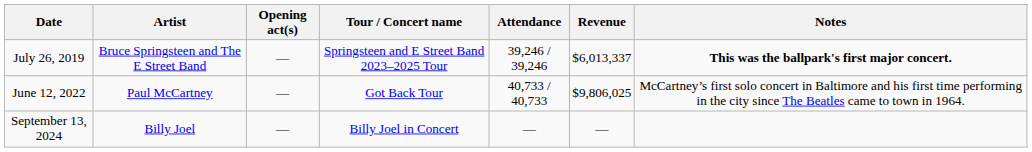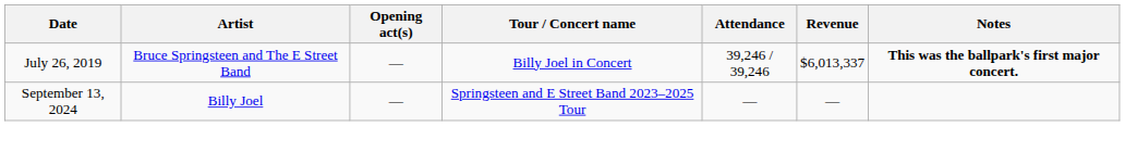 <table class="wikitable" style="text-align:center;">
 <tr>
 <th style="text-align:center;">Date</th>
 <th style="text-align:center;">Artist</th>
 <th style="text-align:center;">Opening act(s)</th>
 <th style="text-align:center;">Tour / Concert name</th>
 <th style="text-align:center;">Attendance</th>
 <th style="text-align:center;">Revenue</th>
 <th style="text-align:center;">Notes</th>
 </tr>
 <tr>
 <td>July 26, 2019</td>
 <td><a href='#'>Bruce Springsteen and The E Street Band</a></td>
 <td>—</td>
-<td><a href='#'>Springsteen and E Street Band 2023–2025 Tour</a></td>
+<td><a href='#'>Billy Joel in Concert</a></td>
 <td>39,246 / 39,246</td>
 <td>$6,013,337</td>
 <td><strong>This was the ballpark's first major concert.</strong></td>
 </tr>
 <tr>
-<td>June 12, 2022</td>
-<td><a href='#'>Paul McCartney</a></td>
-<td>—</td>
-<td><a href='#'>Got Back Tour</a></td>
-<td>40,733 / 40,733</td>
-<td>$9,806,025</td>
-<td>McCartney’s first solo concert in Baltimore and his first time performing in the city since <a href='#'>The Beatles</a> came to town in 1964.</td>
-</tr>
-<tr>
 <td>September 13, 2024</td>
 <td><a href='#'>Billy Joel</a></td>
 <td>—</td>
-<td><a href='#'>Billy Joel in Concert</a></td>
+<td><a href='#'>Springsteen and E Street Band 2023–2025 Tour</a></td>
 <td>—</td>
 <td>—</td>
 <td></td>
 </tr>
 </table>
